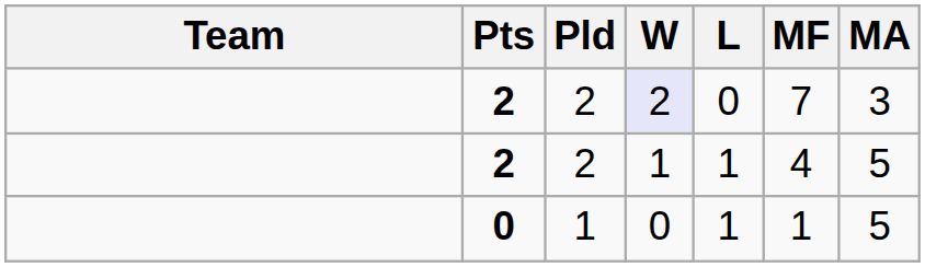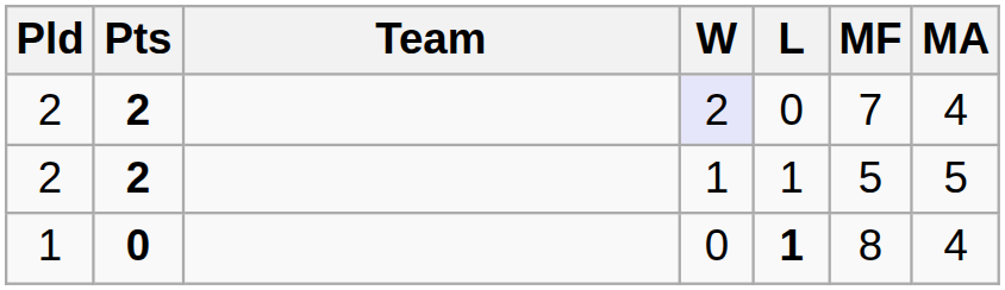 <table class=wikitable style="text-align:center">
 <tr>
+<th width=20>Pld</th>
+<th width=20>Pts</th>
 <th width=175>Team</th>
-<th width=20>Pts</th>
-<th width=20>Pld</th>
 <th width=20>W</th>
 <th width=20>L</th>
 <th width=20>MF</th>
 <th width=20>MA</th>
 </tr>
 <tr>
+<td>2</td>
+<td><strong>2</strong></td>
 <td style="text-align:left"></td>
-<td><strong>2</strong></td>
-<td>2</td>
 <td style="background: lavender;">2</td>
 <td>0</td>
 <td>7</td>
-<td>3</td>
+<td>4</td>
 </tr>
 <tr>
+<td>2</td>
+<td><strong>2</strong></td>
 <td style="text-align:left"></td>
-<td><strong>2</strong></td>
-<td>2</td>
 <td>1</td>
 <td>1</td>
-<td>4</td>
+<td>5</td>
 <td>5</td>
 </tr>
 <tr>
+<td>1</td>
+<td><strong>0</strong></td>
 <td style="text-align:left"></td>
-<td><strong>0</strong></td>
-<td>1</td>
 <td>0</td>
-<td>1</td>
-<td>1</td>
-<td>5</td>
+<td><strong>1</strong></td>
+<td>8</td>
+<td>4</td>
 </tr>
 </table>
